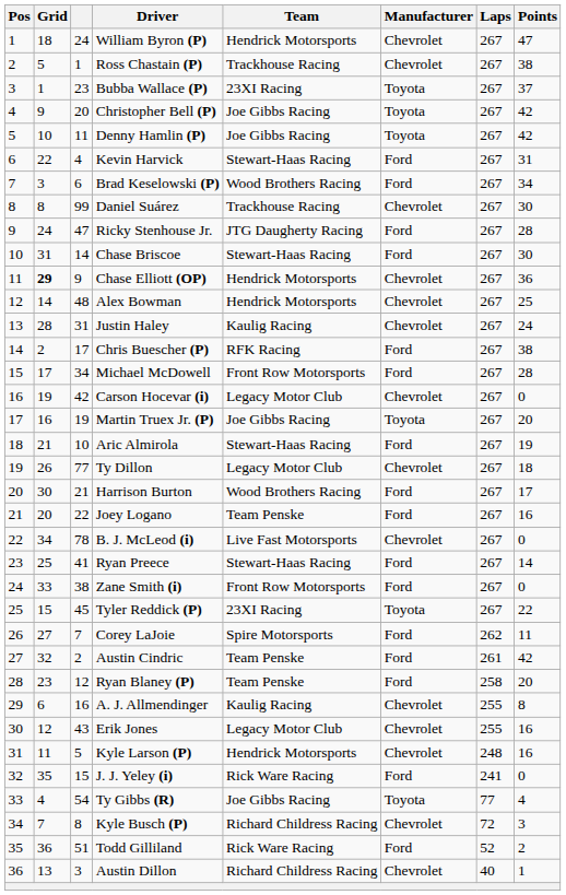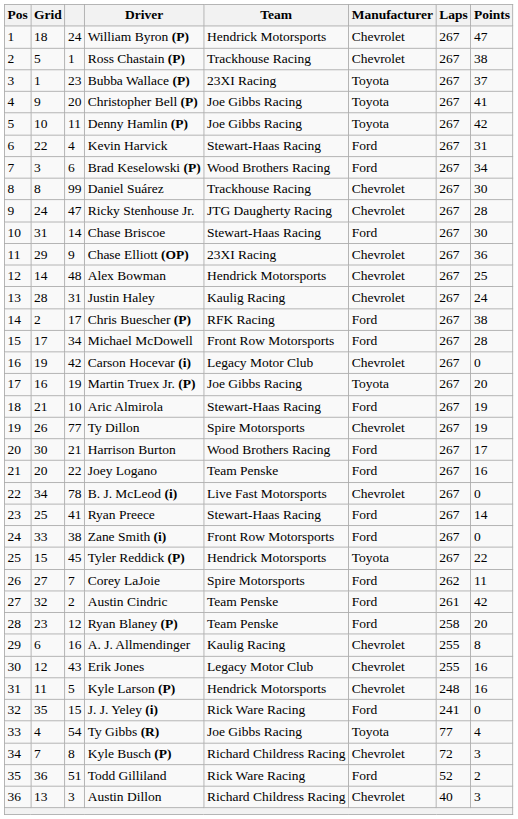 <table class="wikitable" style="font-size:98%">
 <tr>
 <th>Pos</th>
 <th>Grid</th>
 <th></th>
 <th>Driver</th>
 <th>Team</th>
 <th>Manufacturer</th>
 <th>Laps</th>
 <th>Points</th>
 </tr>
 <tr>
 <td>1</td>
 <td>18</td>
 <td>24</td>
 <td>William Byron <strong>(P)</strong></td>
 <td>Hendrick Motorsports</td>
 <td>Chevrolet</td>
 <td>267</td>
 <td>47</td>
 </tr>
 <tr>
 <td>2</td>
 <td>5</td>
 <td>1</td>
 <td>Ross Chastain <strong>(P)</strong></td>
 <td>Trackhouse Racing</td>
 <td>Chevrolet</td>
 <td>267</td>
 <td>38</td>
 </tr>
 <tr>
 <td>3</td>
 <td>1</td>
 <td>23</td>
 <td>Bubba Wallace <strong>(P)</strong></td>
 <td>23XI Racing</td>
 <td>Toyota</td>
 <td>267</td>
 <td>37</td>
 </tr>
 <tr>
 <td>4</td>
 <td>9</td>
 <td>20</td>
 <td>Christopher Bell <strong>(P)</strong></td>
 <td>Joe Gibbs Racing</td>
 <td>Toyota</td>
 <td>267</td>
-<td>42</td>
+<td>41</td>
 </tr>
 <tr>
 <td>5</td>
 <td>10</td>
 <td>11</td>
 <td>Denny Hamlin <strong>(P)</strong></td>
 <td>Joe Gibbs Racing</td>
 <td>Toyota</td>
 <td>267</td>
 <td>42</td>
 </tr>
 <tr>
 <td>6</td>
 <td>22</td>
 <td>4</td>
 <td>Kevin Harvick</td>
 <td>Stewart-Haas Racing</td>
 <td>Ford</td>
 <td>267</td>
 <td>31</td>
 </tr>
 <tr>
 <td>7</td>
 <td>3</td>
 <td>6</td>
 <td>Brad Keselowski <strong>(P)</strong></td>
 <td>Wood Brothers Racing</td>
 <td>Ford</td>
 <td>267</td>
 <td>34</td>
 </tr>
 <tr>
 <td>8</td>
 <td>8</td>
 <td>99</td>
 <td>Daniel Suárez</td>
 <td>Trackhouse Racing</td>
 <td>Chevrolet</td>
 <td>267</td>
 <td>30</td>
 </tr>
 <tr>
 <td>9</td>
 <td>24</td>
 <td>47</td>
 <td>Ricky Stenhouse Jr.</td>
 <td>JTG Daugherty Racing</td>
-<td>Ford</td>
+<td>Chevrolet</td>
 <td>267</td>
 <td>28</td>
 </tr>
 <tr>
 <td>10</td>
 <td>31</td>
 <td>14</td>
 <td>Chase Briscoe</td>
 <td>Stewart-Haas Racing</td>
 <td>Ford</td>
 <td>267</td>
 <td>30</td>
 </tr>
 <tr>
 <td>11</td>
-<td><strong>29</strong></td>
+<td>29</td>
 <td>9</td>
 <td>Chase Elliott <strong>(OP)</strong></td>
-<td>Hendrick Motorsports</td>
+<td>23XI Racing</td>
 <td>Chevrolet</td>
 <td>267</td>
 <td>36</td>
 </tr>
 <tr>
 <td>12</td>
 <td>14</td>
 <td>48</td>
 <td>Alex Bowman</td>
 <td>Hendrick Motorsports</td>
 <td>Chevrolet</td>
 <td>267</td>
 <td>25</td>
 </tr>
 <tr>
 <td>13</td>
 <td>28</td>
 <td>31</td>
 <td>Justin Haley</td>
 <td>Kaulig Racing</td>
 <td>Chevrolet</td>
 <td>267</td>
 <td>24</td>
 </tr>
 <tr>
 <td>14</td>
 <td>2</td>
 <td>17</td>
 <td>Chris Buescher <strong>(P)</strong></td>
 <td>RFK Racing</td>
 <td>Ford</td>
 <td>267</td>
 <td>38</td>
 </tr>
 <tr>
 <td>15</td>
 <td>17</td>
 <td>34</td>
 <td>Michael McDowell</td>
 <td>Front Row Motorsports</td>
 <td>Ford</td>
 <td>267</td>
 <td>28</td>
 </tr>
 <tr>
 <td>16</td>
 <td>19</td>
 <td>42</td>
 <td>Carson Hocevar <strong>(i)</strong></td>
 <td>Legacy Motor Club</td>
 <td>Chevrolet</td>
 <td>267</td>
 <td>0</td>
 </tr>
 <tr>
 <td>17</td>
 <td>16</td>
 <td>19</td>
 <td>Martin Truex Jr. <strong>(P)</strong></td>
 <td>Joe Gibbs Racing</td>
 <td>Toyota</td>
 <td>267</td>
 <td>20</td>
 </tr>
 <tr>
 <td>18</td>
 <td>21</td>
 <td>10</td>
 <td>Aric Almirola</td>
 <td>Stewart-Haas Racing</td>
 <td>Ford</td>
 <td>267</td>
 <td>19</td>
 </tr>
 <tr>
 <td>19</td>
 <td>26</td>
 <td>77</td>
 <td>Ty Dillon</td>
-<td>Legacy Motor Club</td>
+<td>Spire Motorsports</td>
 <td>Chevrolet</td>
 <td>267</td>
-<td>18</td>
+<td>19</td>
 </tr>
 <tr>
 <td>20</td>
 <td>30</td>
 <td>21</td>
 <td>Harrison Burton</td>
 <td>Wood Brothers Racing</td>
 <td>Ford</td>
 <td>267</td>
 <td>17</td>
 </tr>
 <tr>
 <td>21</td>
 <td>20</td>
 <td>22</td>
 <td>Joey Logano</td>
 <td>Team Penske</td>
 <td>Ford</td>
 <td>267</td>
 <td>16</td>
 </tr>
 <tr>
 <td>22</td>
 <td>34</td>
 <td>78</td>
 <td>B. J. McLeod <strong>(i)</strong></td>
 <td>Live Fast Motorsports</td>
 <td>Chevrolet</td>
 <td>267</td>
 <td>0</td>
 </tr>
 <tr>
 <td>23</td>
 <td>25</td>
 <td>41</td>
 <td>Ryan Preece</td>
 <td>Stewart-Haas Racing</td>
 <td>Ford</td>
 <td>267</td>
 <td>14</td>
 </tr>
 <tr>
 <td>24</td>
 <td>33</td>
 <td>38</td>
 <td>Zane Smith <strong>(i)</strong></td>
 <td>Front Row Motorsports</td>
 <td>Ford</td>
 <td>267</td>
 <td>0</td>
 </tr>
 <tr>
 <td>25</td>
 <td>15</td>
 <td>45</td>
 <td>Tyler Reddick <strong>(P)</strong></td>
-<td>23XI Racing</td>
+<td>Hendrick Motorsports</td>
 <td>Toyota</td>
 <td>267</td>
 <td>22</td>
 </tr>
 <tr>
 <td>26</td>
 <td>27</td>
 <td>7</td>
 <td>Corey LaJoie</td>
 <td>Spire Motorsports</td>
 <td>Ford</td>
 <td>262</td>
 <td>11</td>
 </tr>
 <tr>
 <td>27</td>
 <td>32</td>
 <td>2</td>
 <td>Austin Cindric</td>
 <td>Team Penske</td>
 <td>Ford</td>
 <td>261</td>
 <td>42</td>
 </tr>
 <tr>
 <td>28</td>
 <td>23</td>
 <td>12</td>
 <td>Ryan Blaney <strong>(P)</strong></td>
 <td>Team Penske</td>
 <td>Ford</td>
 <td>258</td>
 <td>20</td>
 </tr>
 <tr>
 <td>29</td>
 <td>6</td>
 <td>16</td>
 <td>A. J. Allmendinger</td>
 <td>Kaulig Racing</td>
 <td>Chevrolet</td>
 <td>255</td>
 <td>8</td>
 </tr>
 <tr>
 <td>30</td>
 <td>12</td>
 <td>43</td>
 <td>Erik Jones</td>
 <td>Legacy Motor Club</td>
 <td>Chevrolet</td>
 <td>255</td>
 <td>16</td>
 </tr>
 <tr>
 <td>31</td>
 <td>11</td>
 <td>5</td>
 <td>Kyle Larson <strong>(P)</strong></td>
 <td>Hendrick Motorsports</td>
 <td>Chevrolet</td>
 <td>248</td>
 <td>16</td>
 </tr>
 <tr>
 <td>32</td>
 <td>35</td>
 <td>15</td>
 <td>J. J. Yeley <strong>(i)</strong></td>
 <td>Rick Ware Racing</td>
 <td>Ford</td>
 <td>241</td>
 <td>0</td>
 </tr>
 <tr>
 <td>33</td>
 <td>4</td>
 <td>54</td>
 <td>Ty Gibbs <strong>(R)</strong></td>
 <td>Joe Gibbs Racing</td>
 <td>Toyota</td>
 <td>77</td>
 <td>4</td>
 </tr>
 <tr>
 <td>34</td>
 <td>7</td>
 <td>8</td>
 <td>Kyle Busch <strong>(P)</strong></td>
 <td>Richard Childress Racing</td>
 <td>Chevrolet</td>
 <td>72</td>
 <td>3</td>
 </tr>
 <tr>
 <td>35</td>
 <td>36</td>
 <td>51</td>
 <td>Todd Gilliland</td>
 <td>Rick Ware Racing</td>
 <td>Ford</td>
 <td>52</td>
 <td>2</td>
 </tr>
 <tr>
 <td>36</td>
 <td>13</td>
 <td>3</td>
 <td>Austin Dillon</td>
 <td>Richard Childress Racing</td>
 <td>Chevrolet</td>
 <td>40</td>
-<td>1</td>
+<td>3</td>
 </tr>
 <tr>
 <th colspan="8"></th>
 </tr>
 </table>
